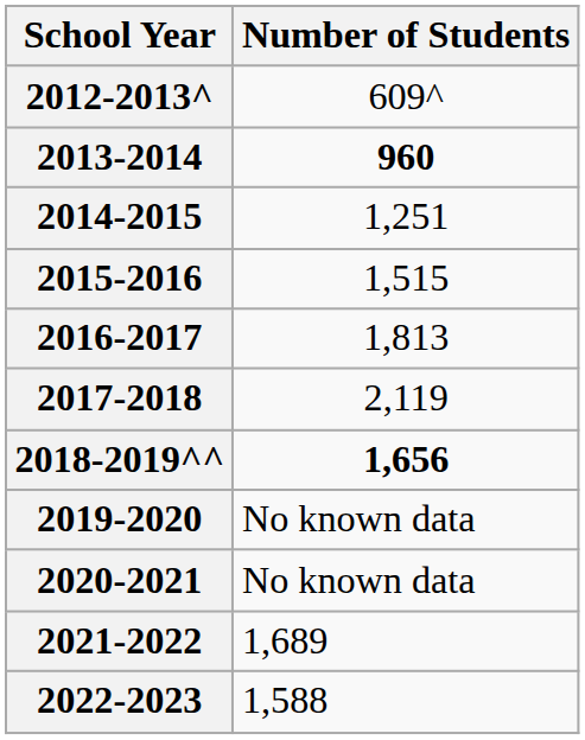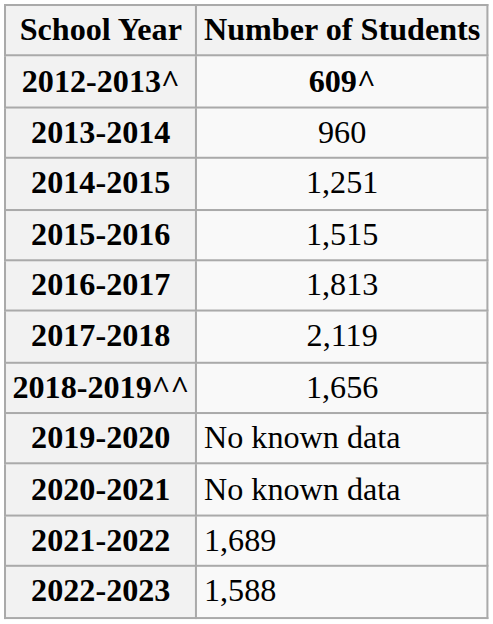 <table class="wikitable">
 <tr>
 <th>School Year</th>
 <th>Number of Students</th>
 </tr>
 <tr>
 <th>2012-2013^</th>
-<td align="center">609^</td>
+<td align="center"><strong>609^</strong></td>
 </tr>
 <tr>
 <th>2013-2014</th>
-<td align="center"><strong>960</strong></td>
+<td align="center">960</td>
 </tr>
 <tr>
 <th>2014-2015</th>
 <td align="center">1,251</td>
 </tr>
 <tr>
 <th>2015-2016</th>
 <td align="center">1,515</td>
 </tr>
 <tr>
 <th>2016-2017</th>
 <td style="text-align:center;">1,813</td>
 </tr>
 <tr>
 <th>2017-2018</th>
 <td style="text-align:center;">2,119</td>
 </tr>
 <tr>
 <th>2018-2019^^</th>
-<td style="text-align:center;"><strong>1,656</strong></td>
+<td style="text-align:center;">1,656</td>
 </tr>
 <tr>
 <th>2019-2020</th>
 <td>No known data</td>
 </tr>
 <tr>
 <th>2020-2021</th>
 <td>No known data</td>
 </tr>
 <tr>
 <th>2021-2022</th>
 <td>1,689</td>
 </tr>
 <tr>
 <th>2022-2023</th>
 <td>1,588</td>
 </tr>
 </table>
